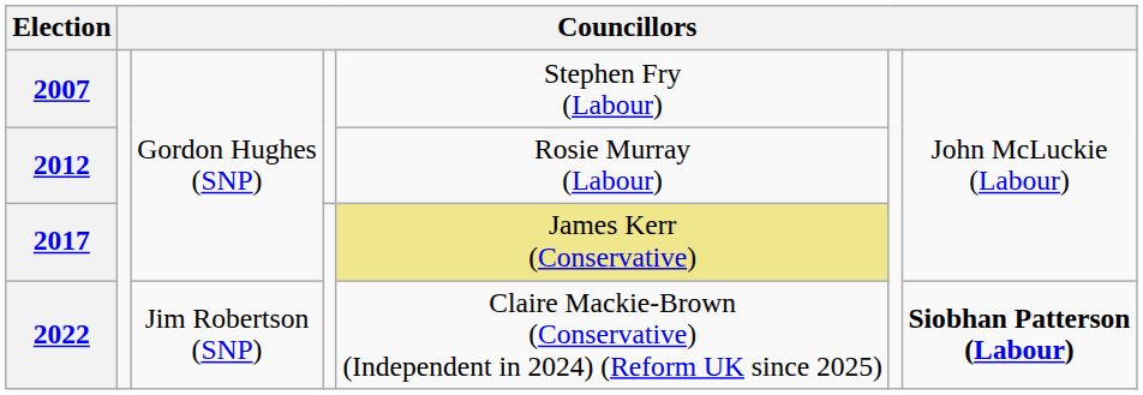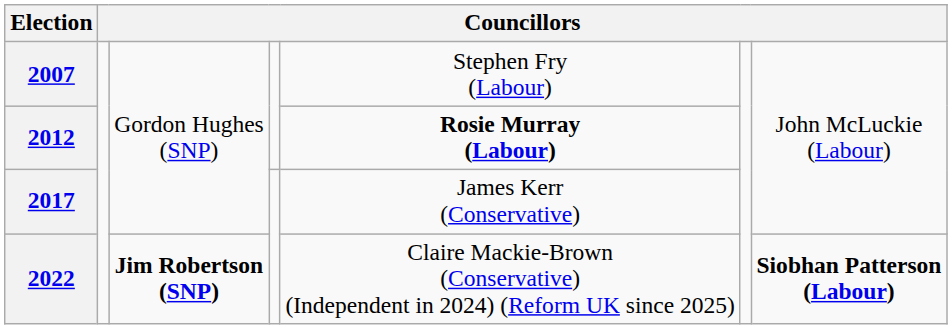 <table class="wikitable" style="text-align:center">
 <tr>
 <th>Election</th>
 <th colspan=8>Councillors</th>
 </tr>
 <tr>
 <th><a href='#'>2007</a></th>
 <td rowspan=4; style="background-color: "></td>
 <td rowspan=3>Gordon Hughes<br>(<a href='#'>SNP</a>)</td>
 <td rowspan=2; style="background-color: "></td>
 <td rowspan=1>Stephen Fry<br>(<a href='#'>Labour</a>)</td>
 <td rowspan=4; style="background-color: "></td>
 <td rowspan=3>John McLuckie<br>(<a href='#'>Labour</a>)</td>
 </tr>
 <tr>
 <th><a href='#'>2012</a></th>
-<td rowspan=1>Rosie Murray<br>(<a href='#'>Labour</a>)</td>
+<td rowspan=1><strong>Rosie Murray<br>(<a href='#'>Labour</a>)</strong></td>
 </tr>
 <tr>
 <th><a href='#'>2017</a></th>
 <td rowspan=2; style="background-color: "></td>
-<td rowspan=1 style="background: khaki;">James Kerr<br>(<a href='#'>Conservative</a>)</td>
+<td rowspan=1>James Kerr<br>(<a href='#'>Conservative</a>)</td>
 </tr>
 <tr>
 <th><a href='#'>2022</a></th>
-<td rowspan=1>Jim Robertson<br>(<a href='#'>SNP</a>)</td>
+<td rowspan=1><strong>Jim Robertson<br>(<a href='#'>SNP</a>)</strong></td>
 <td rowspan=1>Claire Mackie-Brown<br>(<a href='#'>Conservative</a>)<br>(Independent in 2024) (<a href='#'>Reform UK</a> since 2025)</td>
 <td rowspan=1><strong>Siobhan Patterson<br>(<a href='#'>Labour</a>)</strong></td>
 </tr>
 </table>
